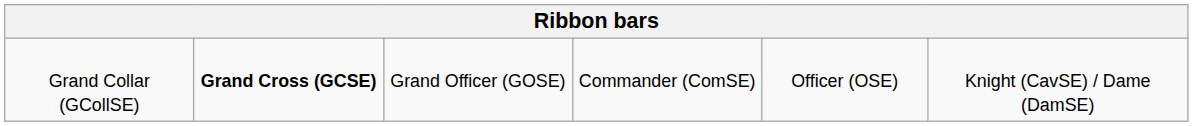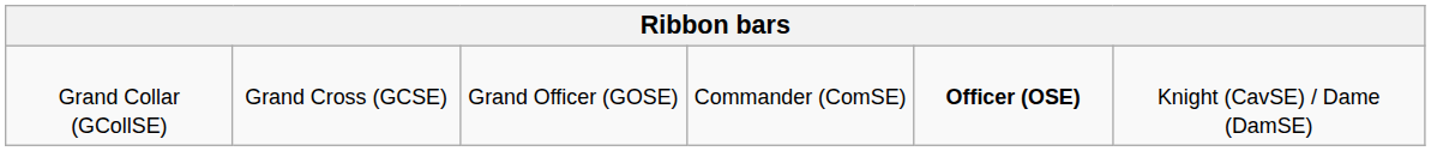 <table class="wikitable" style="margin:1em auto; margin:auto; width:100%;">
 <tr>
 <th colspan=6>Ribbon bars</th>
 </tr>
 <tr>
 <td style="vertical-align:top; width:16%; text-align:center;"><br><small>Grand Collar (GCollSE)</small></td>
-<td style="vertical-align:top; width:16%; text-align:center;"><strong><br><small>Grand Cross (GCSE)</small></strong></td>
+<td style="vertical-align:top; width:16%; text-align:center;"><br><small>Grand Cross (GCSE)</small></td>
 <td style="vertical-align:top; width:16%; text-align:center;"><br><small>Grand Officer (GOSE)</small></td>
 <td style="vertical-align:top; width:16%; text-align:center;"><br><small>Commander (ComSE)</small></td>
-<td style="vertical-align:top; width:14%; text-align:center;"><br><small>Officer (OSE)</small></td>
+<td style="vertical-align:top; width:14%; text-align:center;"><strong><br><small>Officer (OSE)</small></strong></td>
 <td style="vertical-align:top; width:22%; text-align:center;"><br><small>Knight (CavSE) / Dame (DamSE)</small></td>
 </tr>
 </table>
